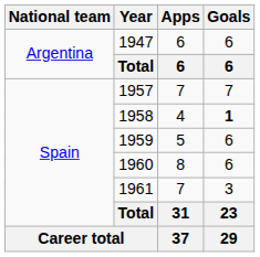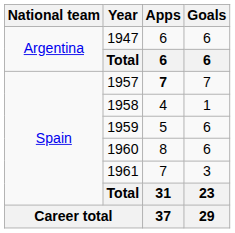 <table class="wikitable" style="text-align:center">
 <tr>
 <th>National team</th>
 <th>Year</th>
 <th>Apps</th>
 <th>Goals</th>
 </tr>
 <tr>
 <td rowspan="2"><a href='#'>Argentina</a></td>
 <td>1947</td>
 <td>6</td>
 <td>6</td>
 </tr>
 <tr>
 <th>Total</th>
 <th>6</th>
 <th>6</th>
 </tr>
 <tr>
 <td rowspan="6"><a href='#'>Spain</a></td>
 <td>1957</td>
-<td>7</td>
+<td><strong>7</strong></td>
 <td>7</td>
 </tr>
 <tr>
 <td>1958</td>
 <td>4</td>
-<td><strong>1</strong></td>
+<td>1</td>
 </tr>
 <tr>
 <td>1959</td>
 <td>5</td>
 <td>6</td>
 </tr>
 <tr>
 <td>1960</td>
 <td>8</td>
 <td>6</td>
 </tr>
 <tr>
 <td>1961</td>
 <td>7</td>
 <td>3</td>
 </tr>
 <tr>
 <th>Total</th>
 <th>31</th>
 <th>23</th>
 </tr>
 <tr>
 <th colspan="2">Career total</th>
 <th>37</th>
 <th>29</th>
 </tr>
 </table>
